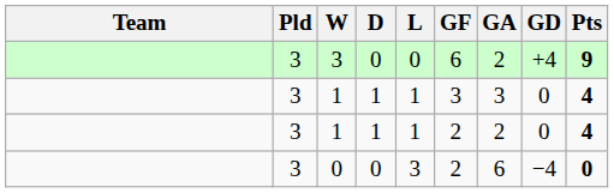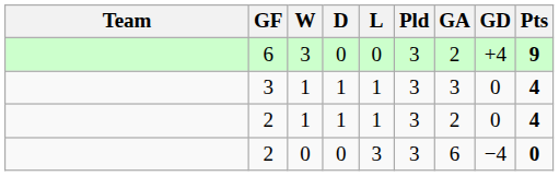 <table class="wikitable" style="text-align:center;">
 <tr>
 <th width=180>Team</th>
-<th width=20>Pld</th>
+<th width=20>GF</th>
 <th width=20>W</th>
 <th width=20>D</th>
 <th width=20>L</th>
-<th width=20>GF</th>
+<th width=20>Pld</th>
 <th width=20>GA</th>
 <th width=20>GD</th>
 <th width=20>Pts</th>
 </tr>
 <tr style="background:#cfc;">
 <td align="left"><em></em></td>
-<td>3</td>
+<td>6</td>
 <td>3</td>
 <td>0</td>
 <td>0</td>
-<td>6</td>
+<td>3</td>
 <td>2</td>
 <td>+4</td>
 <td><strong>9</strong></td>
 </tr>
 <tr>
 <td align="left"></td>
 <td>3</td>
 <td>1</td>
 <td>1</td>
 <td>1</td>
 <td>3</td>
 <td>3</td>
 <td>0</td>
 <td><strong>4</strong></td>
 </tr>
 <tr>
 <td align="left"></td>
-<td>3</td>
+<td>2</td>
 <td>1</td>
 <td>1</td>
 <td>1</td>
-<td>2</td>
+<td>3</td>
 <td>2</td>
 <td>0</td>
 <td><strong>4</strong></td>
 </tr>
 <tr>
 <td align="left"></td>
-<td>3</td>
+<td>2</td>
 <td>0</td>
 <td>0</td>
 <td>3</td>
-<td>2</td>
+<td>3</td>
 <td>6</td>
 <td>−4</td>
 <td><strong>0</strong></td>
 </tr>
 </table>
